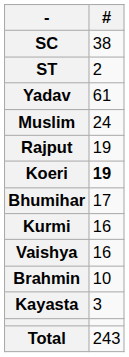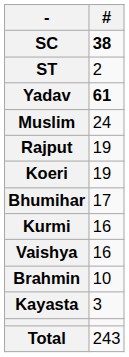 <table class="wikitable sortable">
 <tr>
 <th>-</th>
 <th>#</th>
 </tr>
 <tr>
 <th>SC</th>
-<td>38</td>
+<td><strong>38</strong></td>
 </tr>
 <tr>
 <th>ST</th>
 <td>2</td>
 </tr>
 <tr>
 <th>Yadav</th>
-<td>61</td>
+<td><strong>61</strong></td>
 </tr>
 <tr>
 <th>Muslim</th>
 <td>24</td>
 </tr>
 <tr>
 <th>Rajput</th>
 <td>19</td>
 </tr>
 <tr>
 <th>Koeri</th>
-<td><strong>19</strong></td>
+<td>19</td>
 </tr>
 <tr>
 <th>Bhumihar</th>
 <td>17</td>
 </tr>
 <tr>
 <th>Kurmi</th>
 <td>16</td>
 </tr>
 <tr>
 <th>Vaishya</th>
 <td>16</td>
 </tr>
 <tr>
 <th>Brahmin</th>
 <td>10</td>
 </tr>
 <tr>
 <th>Kayasta</th>
 <td>3</td>
 </tr>
 <tr>
 <th></th>
 <td></td>
 </tr>
 <tr>
 <th>Total</th>
 <td>243</td>
 </tr>
 </table>
